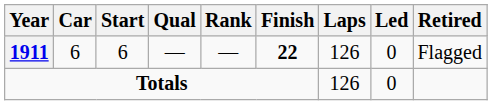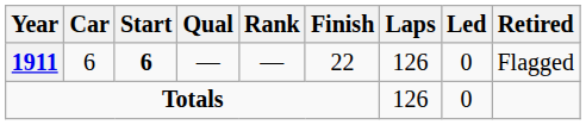 <table class="wikitable" style="text-align:center">
 <tr>
 <th>Year</th>
 <th>Car</th>
 <th>Start</th>
 <th>Qual</th>
 <th>Rank</th>
 <th>Finish</th>
 <th>Laps</th>
 <th>Led</th>
 <th>Retired</th>
 </tr>
 <tr>
 <th><a href='#'>1911</a></th>
 <td>6</td>
-<td>6</td>
+<td><strong>6</strong></td>
 <td>—</td>
 <td>—</td>
-<td><strong>22</strong></td>
+<td>22</td>
 <td>126</td>
 <td>0</td>
 <td>Flagged</td>
 </tr>
 <tr>
 <td colspan=6><strong>Totals</strong></td>
 <td>126</td>
 <td>0</td>
 <td></td>
 </tr>
 </table>
